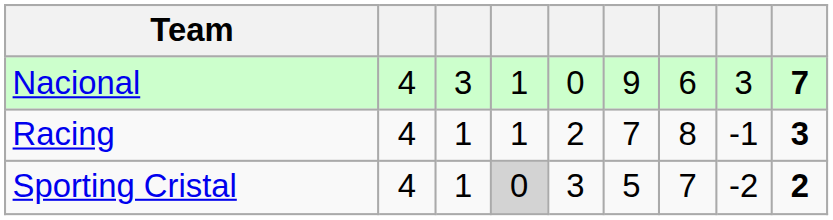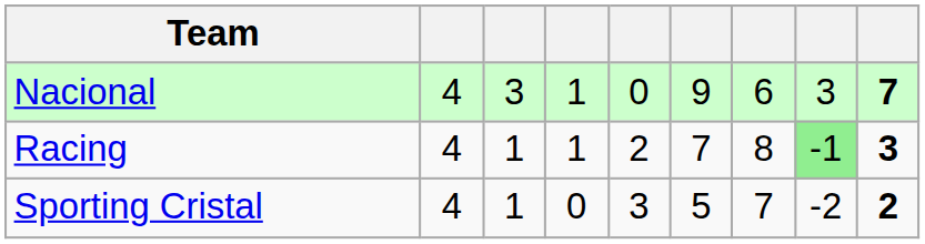 <table class="wikitable" style="text-align: center;">
 <tr>
 <th width=175>Team</th>
 <th width=20></th>
 <th width=20></th>
 <th width=20></th>
 <th width=20></th>
 <th width=20></th>
 <th width=20></th>
 <th width=20></th>
 <th width=20></th>
 </tr>
 <tr bgcolor=ccffcc>
 <td style="text-align:left;"> <a href='#'>Nacional</a></td>
 <td>4</td>
 <td>3</td>
 <td>1</td>
 <td>0</td>
 <td>9</td>
 <td>6</td>
 <td>3</td>
 <td><strong>7</strong></td>
 </tr>
 <tr>
 <td style="text-align:left;"> <a href='#'>Racing</a></td>
 <td>4</td>
 <td>1</td>
 <td>1</td>
 <td>2</td>
 <td>7</td>
 <td>8</td>
-<td>-1</td>
+<td style="background: lightgreen;">-1</td>
 <td><strong>3</strong></td>
 </tr>
 <tr>
 <td style="text-align:left;"> <a href='#'>Sporting Cristal</a></td>
 <td>4</td>
 <td>1</td>
-<td style="background: lightgrey;">0</td>
+<td>0</td>
 <td>3</td>
 <td>5</td>
 <td>7</td>
 <td>-2</td>
 <td><strong>2</strong></td>
 </tr>
 </table>
